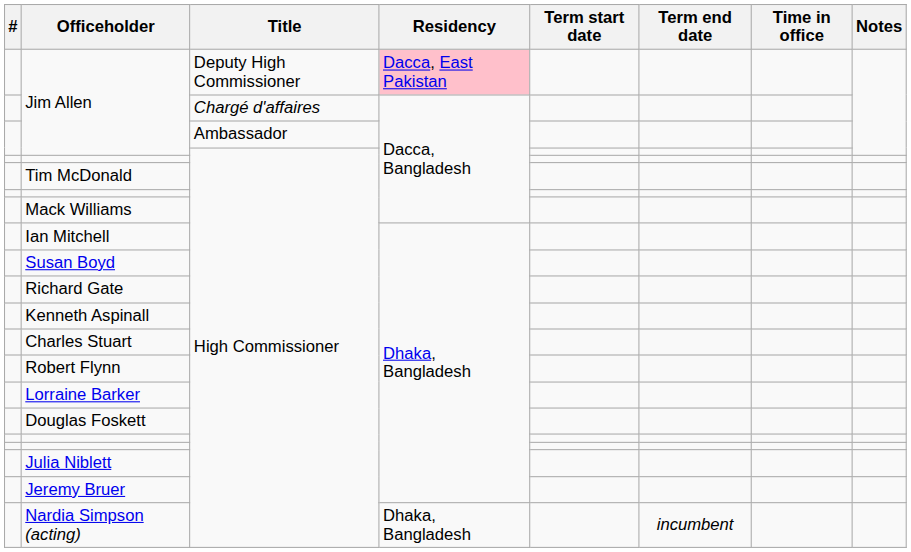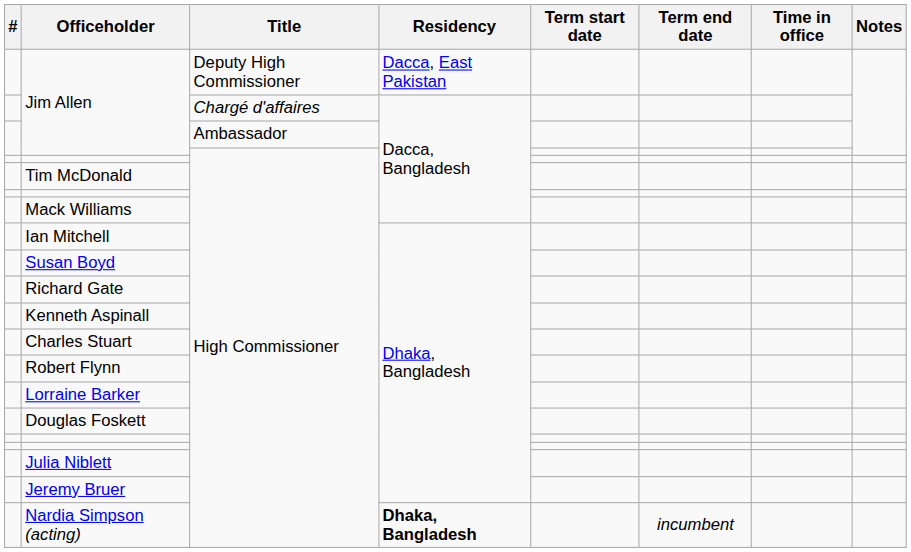 <table class='wikitable sortable'>
 <tr>
 <th>#</th>
 <th>Officeholder</th>
 <th>Title</th>
 <th>Residency</th>
 <th>Term start date</th>
 <th>Term end date</th>
 <th>Time in office</th>
 <th>Notes</th>
 </tr>
 <tr>
 <td align=center></td>
 <td rowspan=4>Jim Allen</td>
 <td>Deputy High Commissioner</td>
-<td style="background: pink;"><a href='#'>Dacca</a>, <a href='#'>East Pakistan</a></td>
+<td><a href='#'>Dacca</a>, <a href='#'>East Pakistan</a></td>
 <td align=center></td>
 <td align=center></td>
 <td align=right></td>
 <td rowspan=4></td>
 </tr>
 <tr>
 <td align=center></td>
 <td><em>Chargé d'affaires</em></td>
 <td rowspan=7>Dacca, Bangladesh</td>
 <td align=center></td>
 <td align=center></td>
 <td align=right></td>
 </tr>
 <tr>
 <td align=center rowspan=2></td>
 <td>Ambassador</td>
 <td align=center></td>
 <td align=center></td>
 <td align=right></td>
 </tr>
 <tr>
 <td rowspan=18>High Commissioner</td>
 <td align=center></td>
 <td align=center></td>
 <td align=right></td>
 </tr>
 <tr>
 <td align=center></td>
 <td></td>
 <td align=center></td>
 <td align=center></td>
 <td align=right></td>
 <td></td>
 </tr>
 <tr>
 <td align=center></td>
 <td>Tim McDonald</td>
 <td align=center></td>
 <td align=center></td>
 <td align=right></td>
 <td></td>
 </tr>
 <tr>
 <td align=center></td>
 <td></td>
 <td align=center></td>
 <td align=center></td>
 <td align=right></td>
 <td></td>
 </tr>
 <tr>
 <td align=center></td>
 <td>Mack Williams</td>
 <td align=center></td>
 <td align=center></td>
 <td align=right></td>
 <td></td>
 </tr>
 <tr>
 <td align=center></td>
 <td>Ian Mitchell</td>
 <td rowspan=12><a href='#'>Dhaka</a>, Bangladesh</td>
 <td align=center></td>
 <td align=center></td>
 <td align=right><strong></strong></td>
 <td></td>
 </tr>
 <tr>
 <td align=center></td>
 <td><a href='#'>Susan Boyd</a></td>
 <td align=center></td>
 <td align=center></td>
 <td align=right></td>
 <td></td>
 </tr>
 <tr>
 <td align=center></td>
 <td>Richard Gate</td>
 <td align=center></td>
 <td align=center></td>
 <td align=right></td>
 <td></td>
 </tr>
 <tr>
 <td align=center></td>
 <td>Kenneth Aspinall</td>
 <td align=center></td>
 <td align=center></td>
 <td align=right></td>
 <td></td>
 </tr>
 <tr>
 <td align=center></td>
 <td>Charles Stuart</td>
 <td align=center></td>
 <td align=center></td>
 <td align=right></td>
 <td></td>
 </tr>
 <tr>
 <td align=center></td>
 <td>Robert Flynn</td>
 <td align=center></td>
 <td align=center></td>
 <td align=right></td>
 <td></td>
 </tr>
 <tr>
 <td align=center></td>
 <td><a href='#'>Lorraine Barker</a></td>
 <td align=center></td>
 <td align=center></td>
 <td align=right></td>
 <td></td>
 </tr>
 <tr>
 <td align=center></td>
 <td>Douglas Foskett</td>
 <td align=center></td>
 <td align=center></td>
 <td align=right></td>
 <td></td>
 </tr>
 <tr>
 <td align=center></td>
 <td></td>
 <td align=center></td>
 <td align=center></td>
 <td align=right></td>
 <td></td>
 </tr>
 <tr>
 <td align=center></td>
 <td></td>
 <td align=center></td>
 <td align=center></td>
 <td align=right></td>
 <td></td>
 </tr>
 <tr>
 <td align=center></td>
 <td><a href='#'>Julia Niblett</a></td>
 <td align=center></td>
 <td align=center></td>
 <td align=right></td>
 <td></td>
 </tr>
 <tr>
 <td align=center></td>
 <td><a href='#'>Jeremy Bruer</a></td>
 <td align=center></td>
 <td align=center></td>
 <td align=right></td>
 <td></td>
 </tr>
 <tr>
 <td align=center></td>
 <td><a href='#'>Nardia Simpson</a> <em>(acting)</em></td>
-<td>Dhaka, Bangladesh</td>
+<td><strong>Dhaka, Bangladesh</strong></td>
 <td align=center></td>
 <td align=center><em>incumbent</em></td>
 <td align-right></td>
 <td></td>
 </tr>
 </table>
